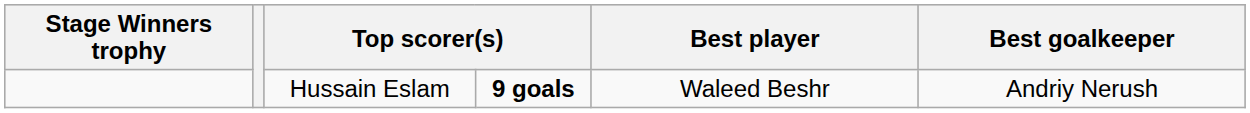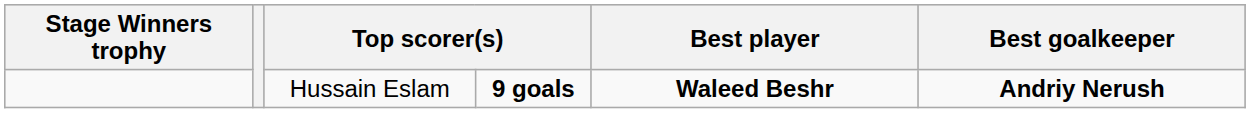 <table class="wikitable" style="text-align: center; font-size: 95%;">
 <tr>
 <th width=150>Stage Winners trophy</th>
 <th rowspan=2></th>
 <th width=200 colspan=2>Top scorer(s)</th>
 <th width=200>Best player</th>
 <th width=200>Best goalkeeper</th>
 </tr>
 <tr align=center style="background:">
 <td style="text-align:center;"></td>
 <td> Hussain Eslam</td>
 <td><strong>9 goals</strong></td>
-<td> Waleed Beshr</td>
-<td> Andriy Nerush</td>
+<td><strong> Waleed Beshr</strong></td>
+<td><strong> Andriy Nerush</strong></td>
 </tr>
 </table>
